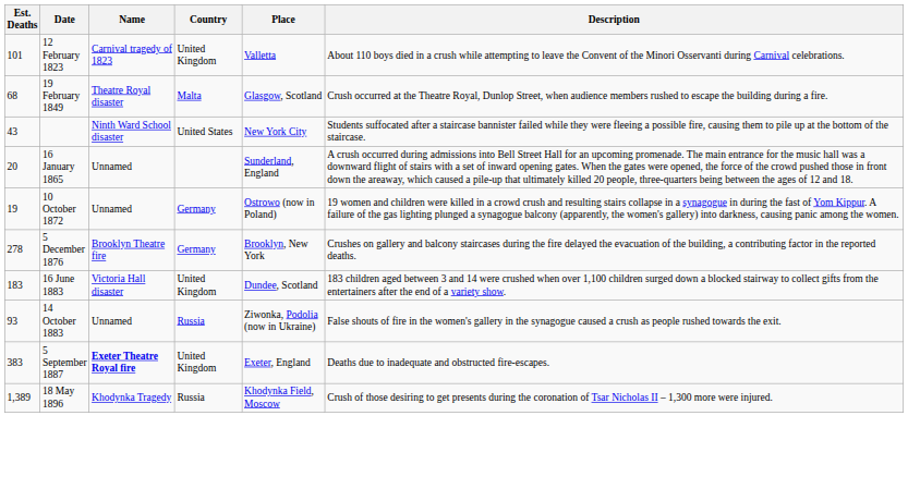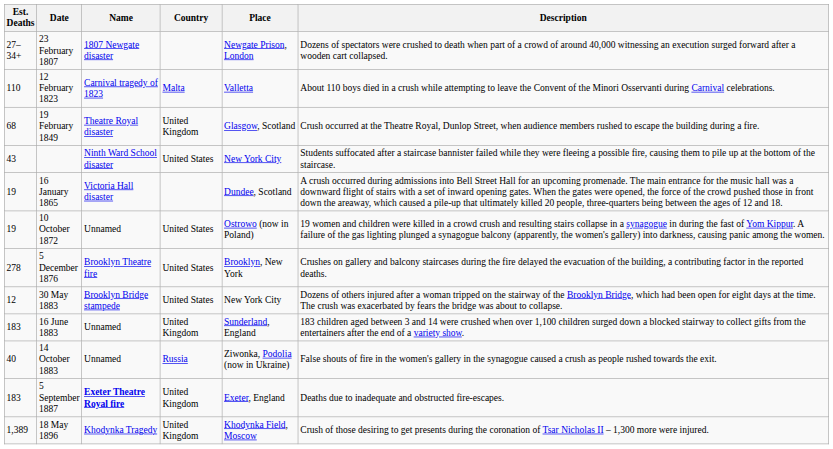 <table class="wikitable sortable sticky-header-multi" style="font-size: 90%; position:relative">
 <tr>
 <th data-sort-type="number">Est. Deaths</th>
 <th style="width:3em;">Date</th>
 <th style="width:11em;">Name</th>
 <th style="width:8em;">Country</th>
 <th style="width:10em;">Place</th>
 <th class="unsortable" style="width:100em;">Description</th>
 </tr>
 <tr>
-<td>101</td>
+<td>27–34+</td>
+<td>23 February 1807</td>
+<td><a href='#'>1807 Newgate disaster</a></td>
+<td></td>
+<td><a href='#'>Newgate Prison</a>,<br><a href='#'>London</a></td>
+<td>Dozens of spectators were crushed to death when part of a crowd of around 40,000 witnessing an execution surged forward after a wooden cart collapsed.</td>
+</tr>
+<tr>
+<td>110</td>
 <td>12 February 1823</td>
 <td><a href='#'>Carnival tragedy of 1823</a></td>
-<td> United Kingdom</td>
+<td> <a href='#'>Malta</a></td>
 <td><a href='#'>Valletta</a></td>
 <td>About 110 boys died in a crush while attempting to leave the Convent of the Minori Osservanti during <a href='#'>Carnival</a> celebrations.</td>
 </tr>
 <tr>
 <td>68</td>
 <td>19 February 1849</td>
 <td><a href='#'>Theatre Royal disaster</a></td>
-<td> <a href='#'>Malta</a></td>
+<td> United Kingdom</td>
 <td><a href='#'>Glasgow</a>, Scotland</td>
 <td>Crush occurred at the Theatre Royal, Dunlop Street, when audience members rushed to escape the building during a fire.</td>
 </tr>
 <tr>
 <td>43</td>
 <td></td>
 <td><a href='#'>Ninth Ward School disaster</a></td>
 <td> United States</td>
 <td><a href='#'>New York City</a></td>
 <td>Students suffocated after a staircase bannister failed while they were fleeing a possible fire, causing them to pile up at the bottom of the staircase.</td>
 </tr>
 <tr>
-<td>20</td>
+<td>19</td>
 <td>16 January 1865</td>
-<td>Unnamed</td>
+<td><a href='#'>Victoria Hall disaster</a></td>
 <td> </td>
-<td><a href='#'>Sunderland</a>, England</td>
+<td><a href='#'>Dundee</a>, Scotland</td>
 <td>A crush occurred during admissions into Bell Street Hall for an upcoming promenade. The main entrance for the music hall was a downward flight of stairs with a set of inward opening gates. When the gates were opened, the force of the crowd pushed those in front down the areaway, which caused a pile-up that ultimately killed 20 people, three-quarters being between the ages of 12 and 18.</td>
 </tr>
 <tr>
 <td>19</td>
 <td>10 October 1872</td>
 <td>Unnamed</td>
-<td> <a href='#'>Germany</a></td>
+<td> United States</td>
 <td><a href='#'>Ostrowo</a> (now in Poland)</td>
 <td>19 women and children were killed in a crowd crush and resulting stairs collapse in a <a href='#'>synagogue</a> in during the fast of <a href='#'>Yom Kippur</a>. A failure of the gas lighting plunged a synagogue balcony (apparently, the women's gallery) into darkness, causing panic among the women.</td>
 </tr>
 <tr>
 <td>278</td>
 <td>5 December 1876</td>
 <td><a href='#'>Brooklyn Theatre fire</a></td>
-<td> <a href='#'>Germany</a></td>
+<td> United States</td>
 <td><a href='#'>Brooklyn</a>, New York</td>
 <td>Crushes on gallery and balcony staircases during the fire delayed the evacuation of the building, a contributing factor in the reported deaths.</td>
 </tr>
 <tr>
+<td>12</td>
+<td>30 May 1883</td>
+<td><a href='#'>Brooklyn Bridge stampede</a></td>
+<td> United States</td>
+<td>New York City</td>
+<td>Dozens of others injured after a woman tripped on the stairway of the <a href='#'>Brooklyn Bridge</a>, which had been open for eight days at the time. The crush was exacerbated by fears the bridge was about to collapse.</td>
+</tr>
+<tr>
 <td>183</td>
 <td>16 June 1883</td>
-<td><a href='#'>Victoria Hall disaster</a></td>
+<td>Unnamed</td>
 <td> United Kingdom</td>
-<td><a href='#'>Dundee</a>, Scotland</td>
+<td><a href='#'>Sunderland</a>, England</td>
 <td>183 children aged between 3 and 14 were crushed when over 1,100 children surged down a blocked stairway to collect gifts from the entertainers after the end of a <a href='#'>variety show</a>.</td>
 </tr>
 <tr>
-<td>93</td>
+<td>40</td>
 <td>14 October 1883</td>
 <td>Unnamed</td>
 <td> <a href='#'>Russia</a></td>
 <td>Ziwonka, <a href='#'>Podolia</a> (now in Ukraine)</td>
 <td>False shouts of fire in the women's gallery in the synagogue caused a crush as people rushed towards the exit.</td>
 </tr>
 <tr>
-<td>383</td>
+<td>183</td>
 <td>5 September 1887</td>
 <td><strong><a href='#'>Exeter Theatre Royal fire</a></strong></td>
 <td> United Kingdom</td>
 <td><a href='#'>Exeter</a>, England</td>
 <td>Deaths due to inadequate and obstructed fire-escapes.</td>
 </tr>
 <tr>
 <td>1,389</td>
 <td>18 May 1896</td>
 <td><a href='#'>Khodynka Tragedy</a></td>
-<td> Russia</td>
+<td> United Kingdom</td>
 <td><a href='#'>Khodynka Field</a>, <a href='#'>Moscow</a></td>
 <td>Crush of those desiring to get presents during the coronation of <a href='#'>Tsar Nicholas II</a> – 1,300 more were injured.</td>
 </tr>
 </table>
